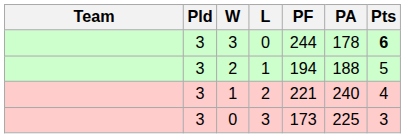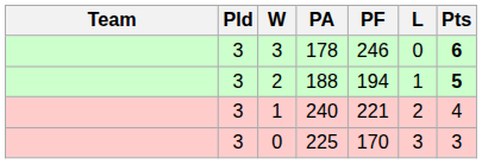 <table class="wikitable" style="text-align:center;">
 <tr>
 <th width=170>Team</th>
 <th width=25>Pld</th>
 <th width=25>W</th>
+<th width=35>PA</th>
+<th width=35>PF</th>
 <th width=25>L</th>
-<th width=35>PF</th>
-<th width=35>PA</th>
 <th width=25>Pts</th>
 </tr>
 <tr bgcolor=#ccffcc>
 <td align="left"></td>
 <td>3</td>
 <td>3</td>
+<td>178</td>
+<td>246</td>
 <td>0</td>
-<td>244</td>
-<td>178</td>
 <td><strong>6</strong></td>
 </tr>
 <tr bgcolor=#ccffcc>
 <td align="left"></td>
 <td>3</td>
 <td>2</td>
+<td>188</td>
+<td>194</td>
 <td>1</td>
-<td>194</td>
-<td>188</td>
-<td>5</td>
+<td><strong>5</strong></td>
 </tr>
 <tr bgcolor=#ffcccc>
 <td align="left"></td>
 <td>3</td>
 <td>1</td>
+<td>240</td>
+<td>221</td>
 <td>2</td>
-<td>221</td>
-<td>240</td>
 <td>4</td>
 </tr>
 <tr bgcolor=#ffcccc>
 <td align="left"></td>
 <td>3</td>
 <td>0</td>
+<td>225</td>
+<td>170</td>
 <td>3</td>
-<td>173</td>
-<td>225</td>
 <td>3</td>
 </tr>
 </table>
